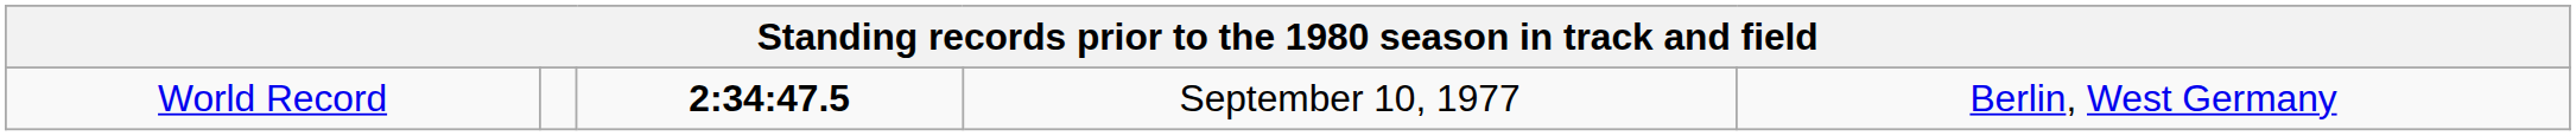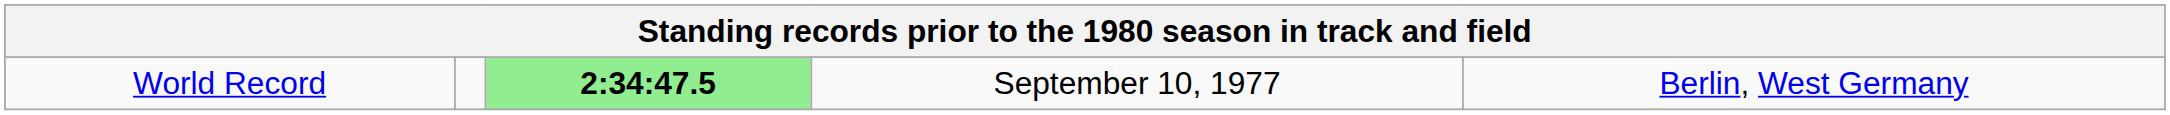 <table class="wikitable" style=" text-align:center; font-size:110%;" width="95%">
 <tr>
 <th colspan="5">Standing records prior to the 1980 season in track and field</th>
 </tr>
 <tr>
 <td><a href='#'>World Record</a></td>
 <td></td>
-<td><strong>2:34:47.5</strong></td>
+<td style="background: lightgreen;"><strong>2:34:47.5</strong></td>
 <td>September 10, 1977</td>
 <td> <a href='#'>Berlin</a>, <a href='#'>West Germany</a></td>
 </tr>
 </table>
